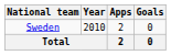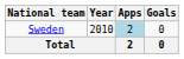 <table class="wikitable" style="text-align:center;">
 <tr>
 <th>National team</th>
 <th>Year</th>
 <th>Apps</th>
 <th>Goals</th>
 </tr>
 <tr>
 <td rowspan=1><a href='#'>Sweden</a></td>
 <td>2010</td>
-<td>2</td>
+<td style="background: lightblue;">2</td>
 <td>0</td>
 </tr>
 <tr>
 <th colspan=2>Total</th>
 <th>2</th>
 <th>0</th>
 </tr>
 </table>
